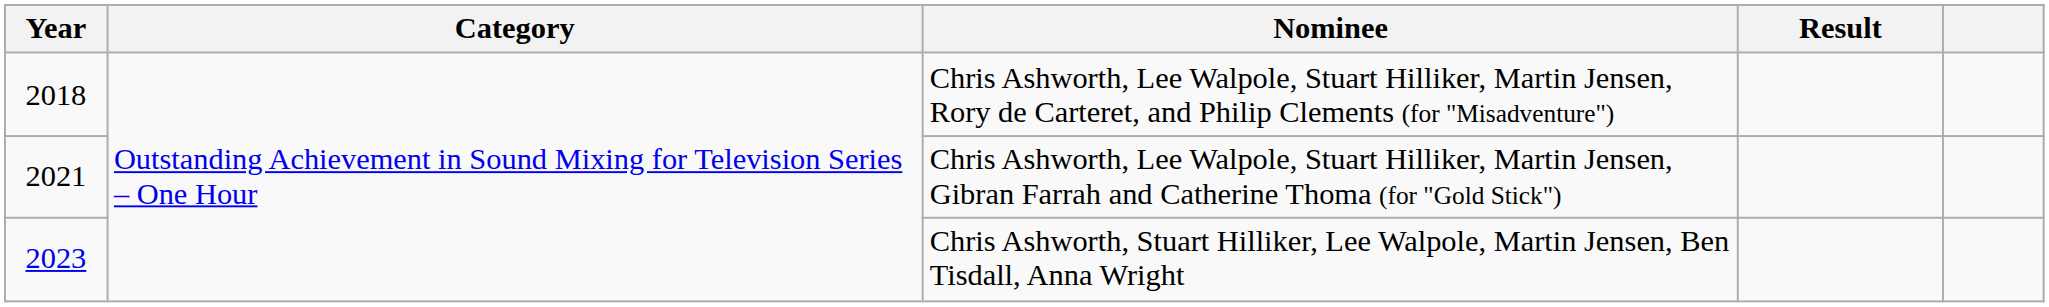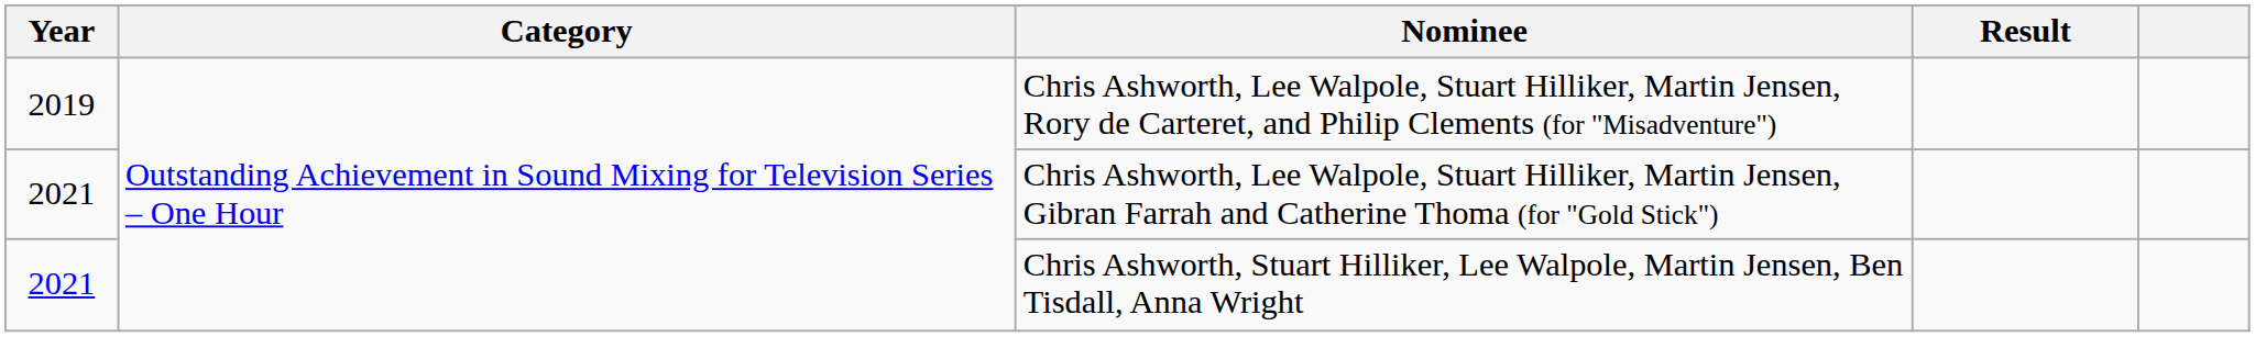 <table class="wikitable" style="width:85%;">
 <tr>
 <th width=5%>Year</th>
 <th style="width:40%;">Category</th>
 <th style="width:40%;">Nominee</th>
 <th style="width:10%;">Result</th>
 <th width=5%></th>
 </tr>
 <tr>
-<td style="text-align: center;">2018</td>
+<td style="text-align: center;">2019</td>
 <td rowspan="3"><a href='#'>Outstanding Achievement in Sound Mixing for Television Series – One Hour</a></td>
 <td>Chris Ashworth, Lee Walpole, Stuart Hilliker, Martin Jensen, Rory de Carteret, and Philip Clements <small>(for "Misadventure")</small></td>
 <td></td>
 <td></td>
 </tr>
 <tr>
 <td style="text-align: center;">2021</td>
 <td>Chris Ashworth, Lee Walpole, Stuart Hilliker, Martin Jensen, Gibran Farrah and Catherine Thoma <small>(for "Gold Stick")</small></td>
 <td></td>
 <td></td>
 </tr>
 <tr>
-<td style="text-align: center;"><a href='#'>2023</a></td>
+<td style="text-align: center;"><a href='#'>2021</a></td>
 <td>Chris Ashworth, Stuart Hilliker, Lee Walpole, Martin Jensen, Ben Tisdall, Anna Wright </td>
 <td></td>
 <td></td>
 </tr>
 </table>
